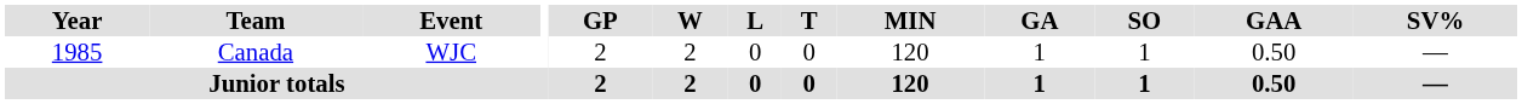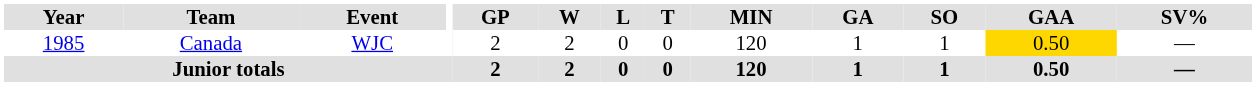 <table border="0" cellpadding="1" cellspacing="0" ID="Table3" style="text-align:center; width:60em">
 <tr ALIGN="center" bgcolor="#e0e0e0">
 <th>Year</th>
 <th>Team</th>
 <th>Event</th>
 <th rowspan="99" bgcolor="#ffffff"></th>
 <th>GP</th>
 <th>W</th>
 <th>L</th>
 <th>T</th>
 <th>MIN</th>
 <th>GA</th>
 <th>SO</th>
 <th>GAA</th>
 <th>SV%</th>
 </tr>
 <tr>
 <td><a href='#'>1985</a></td>
 <td><a href='#'>Canada</a></td>
 <td><a href='#'>WJC</a></td>
 <td>2</td>
 <td>2</td>
 <td>0</td>
 <td>0</td>
 <td>120</td>
 <td>1</td>
 <td>1</td>
-<td>0.50</td>
+<td style="background: gold;">0.50</td>
 <td>—</td>
 </tr>
 <tr bgcolor="#e0e0e0">
 <th colspan=4>Junior totals</th>
 <th>2</th>
 <th>2</th>
 <th>0</th>
 <th>0</th>
 <th>120</th>
 <th>1</th>
 <th>1</th>
 <th>0.50</th>
 <th>—</th>
 </tr>
 </table>
